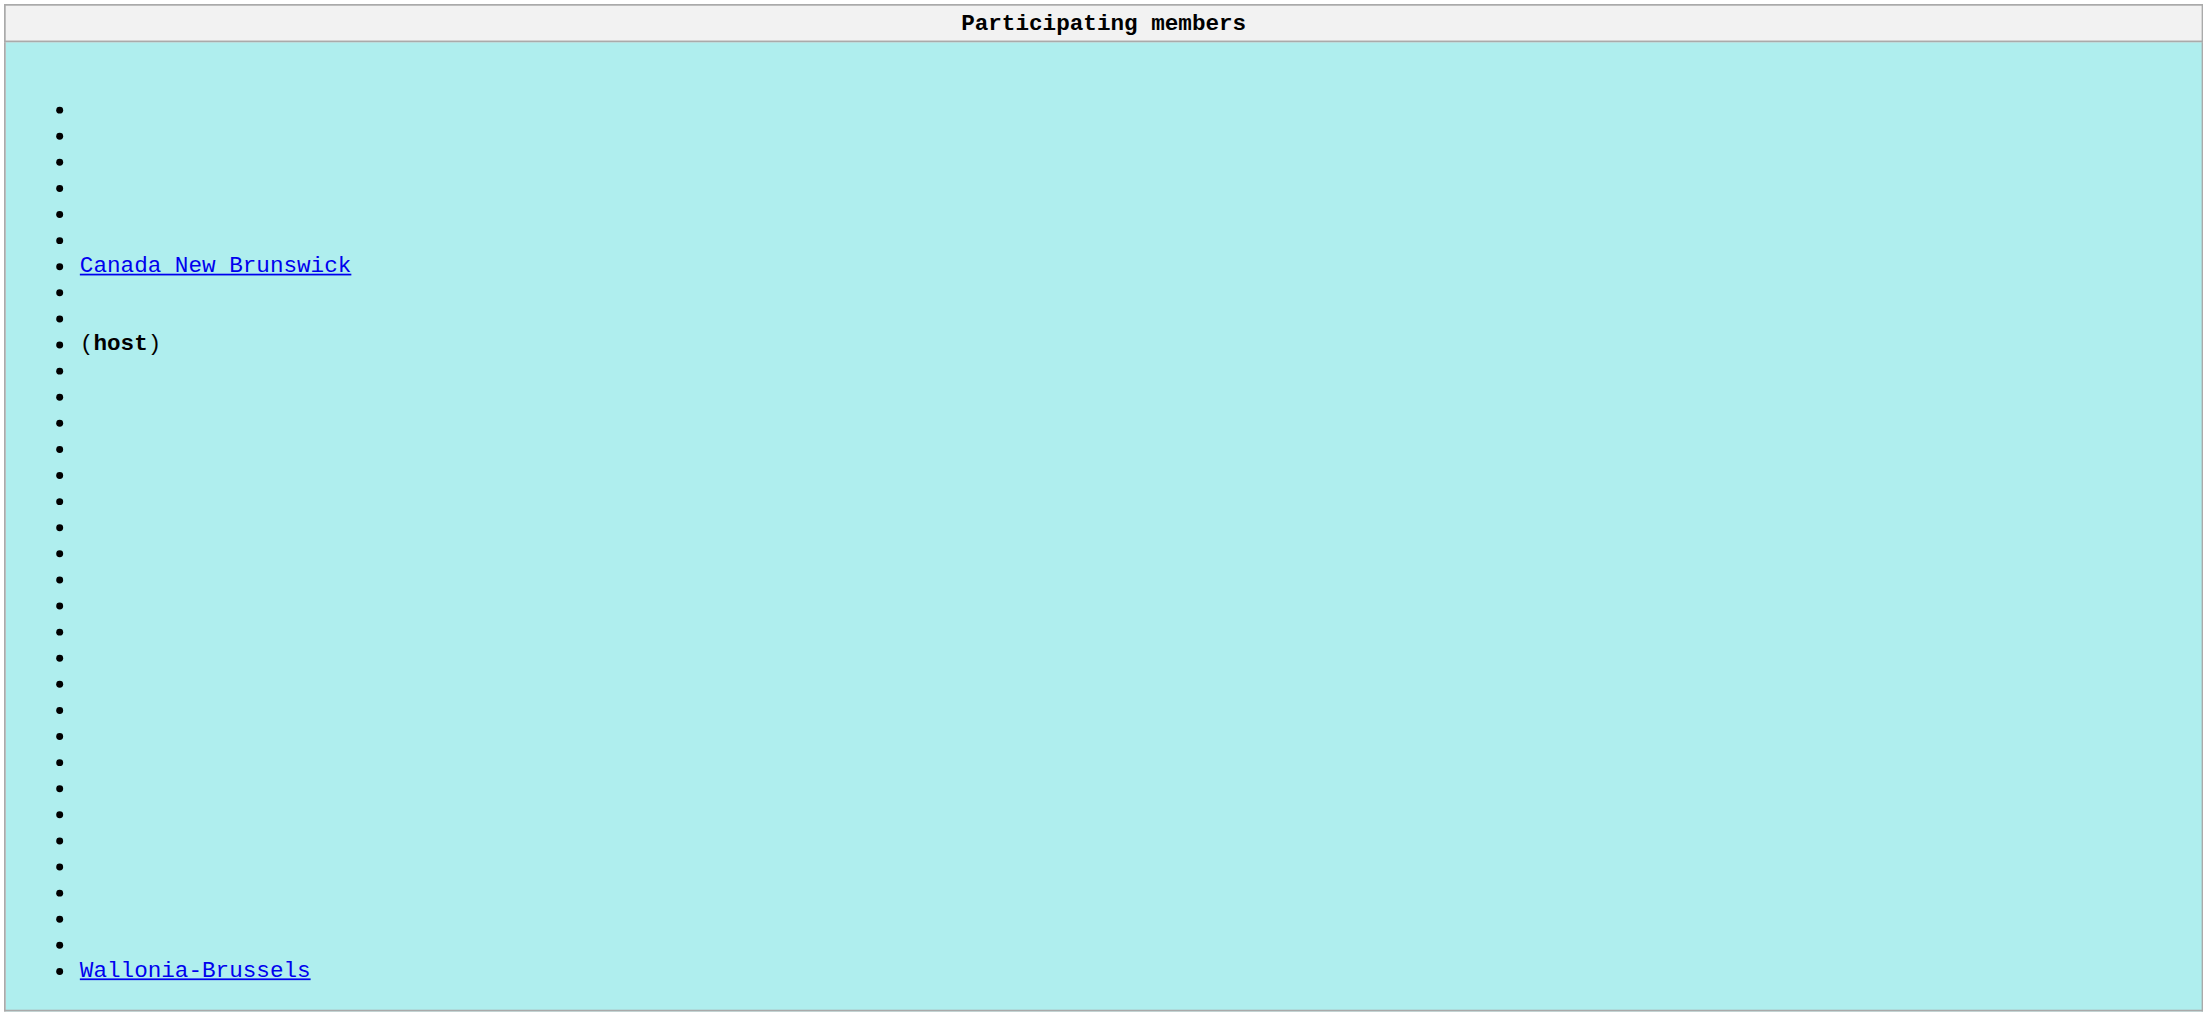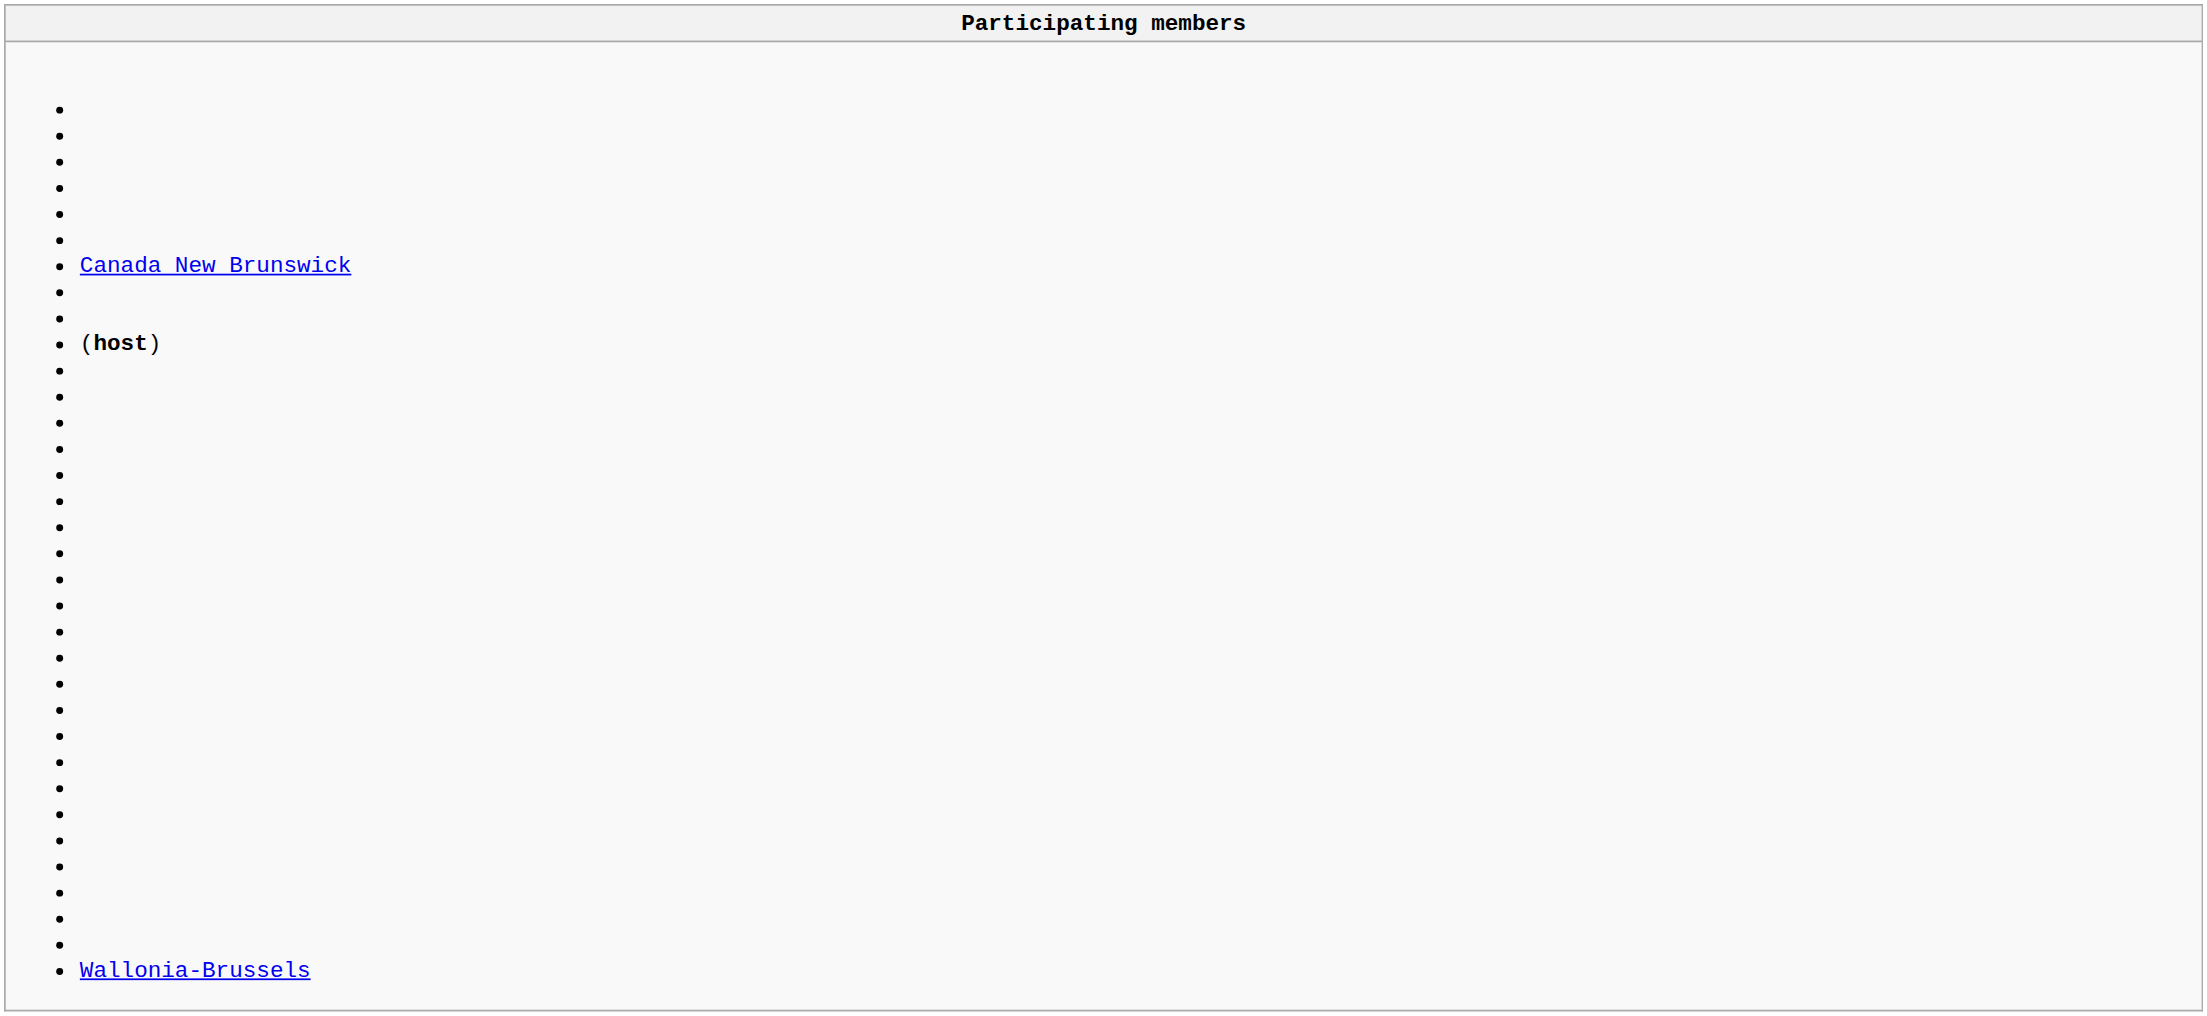 <table class="wikitable collapsible" style="width:100%;">
 <tr>
 <th>Participating members</th>
 </tr>
 <tr>
-<td style="background: paleturquoise;"><br><ul><li></li><li></li><li></li><li></li><li></li><li></li><li> <a href='#'>Canada New Brunswick</a></li><li></li><li></li><li> (<strong>host</strong>)</li><li></li><li></li><li></li><li></li><li></li><li></li><li></li><li></li><li></li><li></li><li></li><li></li><li></li><li></li><li></li><li></li><li></li><li></li><li></li><li></li><li></li><li></li><li></li><li> <a href='#'>Wallonia-Brussels</a></li></ul></td>
+<td><br><ul><li></li><li></li><li></li><li></li><li></li><li></li><li> <a href='#'>Canada New Brunswick</a></li><li></li><li></li><li> (<strong>host</strong>)</li><li></li><li></li><li></li><li></li><li></li><li></li><li></li><li></li><li></li><li></li><li></li><li></li><li></li><li></li><li></li><li></li><li></li><li></li><li></li><li></li><li></li><li></li><li></li><li> <a href='#'>Wallonia-Brussels</a></li></ul></td>
 </tr>
 </table>
